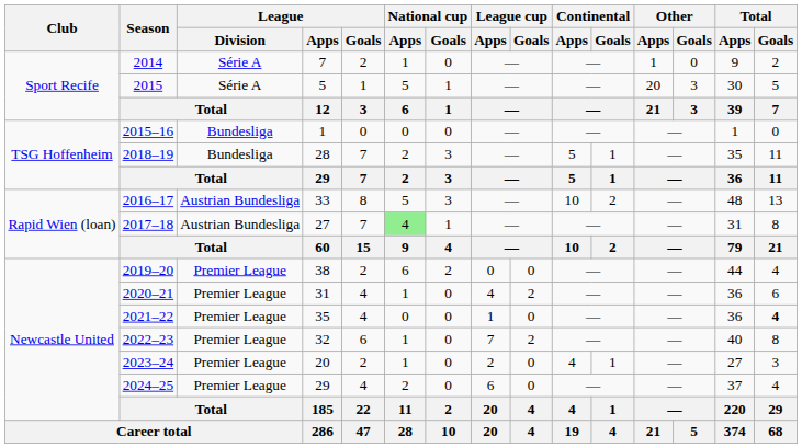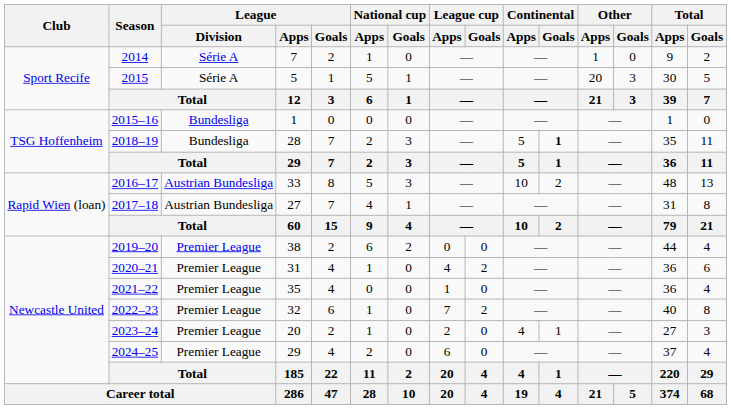 <table class="wikitable" style="text-align: center;">
 <tr>
 <th rowspan="2">Club</th>
 <th rowspan="2">Season</th>
 <th colspan="3">League</th>
 <th colspan="2">National cup</th>
 <th colspan="2">League cup</th>
 <th colspan="2">Continental</th>
 <th colspan="2">Other</th>
 <th colspan="2">Total</th>
 </tr>
 <tr>
 <th>Division</th>
 <th>Apps</th>
 <th>Goals</th>
 <th>Apps</th>
 <th>Goals</th>
 <th>Apps</th>
 <th>Goals</th>
 <th>Apps</th>
 <th>Goals</th>
 <th>Apps</th>
 <th>Goals</th>
 <th>Apps</th>
 <th>Goals</th>
 </tr>
 <tr>
 <td rowspan="3"><a href='#'>Sport Recife</a></td>
 <td><a href='#'>2014</a></td>
 <td><a href='#'>Série A</a></td>
 <td>7</td>
 <td>2</td>
 <td>1</td>
 <td>0</td>
 <td colspan="2">—</td>
 <td colspan="2">—</td>
 <td>1</td>
 <td>0</td>
 <td>9</td>
 <td>2</td>
 </tr>
 <tr>
 <td><a href='#'>2015</a></td>
 <td>Série A</td>
 <td>5</td>
 <td>1</td>
 <td>5</td>
 <td>1</td>
 <td colspan="2">—</td>
 <td colspan="2">—</td>
 <td>20</td>
 <td>3</td>
 <td>30</td>
 <td>5</td>
 </tr>
 <tr>
 <th colspan="2">Total</th>
 <th>12</th>
 <th>3</th>
 <th>6</th>
 <th>1</th>
 <th colspan="2">—</th>
 <th colspan="2">—</th>
 <th>21</th>
 <th>3</th>
 <th>39</th>
 <th>7</th>
 </tr>
 <tr>
 <td rowspan="3"><a href='#'>TSG Hoffenheim</a></td>
 <td><a href='#'>2015–16</a></td>
 <td><a href='#'>Bundesliga</a></td>
 <td>1</td>
 <td>0</td>
 <td>0</td>
 <td>0</td>
 <td colspan="2">—</td>
 <td colspan="2">—</td>
 <td colspan="2">—</td>
 <td>1</td>
 <td>0</td>
 </tr>
 <tr>
 <td><a href='#'>2018–19</a></td>
 <td>Bundesliga</td>
 <td>28</td>
 <td>7</td>
 <td>2</td>
 <td>3</td>
 <td colspan="2">—</td>
 <td>5</td>
-<td>1</td>
+<td><strong>1</strong></td>
 <td colspan="2">—</td>
 <td>35</td>
 <td>11</td>
 </tr>
 <tr>
 <th colspan="2">Total</th>
 <th>29</th>
 <th>7</th>
 <th>2</th>
 <th>3</th>
 <th colspan="2">—</th>
 <th>5</th>
 <th>1</th>
 <th colspan="2">—</th>
 <th>36</th>
 <th>11</th>
 </tr>
 <tr>
 <td rowspan="3"><a href='#'>Rapid Wien</a> (loan)</td>
 <td><a href='#'>2016–17</a></td>
 <td><a href='#'>Austrian Bundesliga</a></td>
 <td>33</td>
 <td>8</td>
 <td>5</td>
 <td>3</td>
 <td colspan="2">—</td>
 <td>10</td>
 <td>2</td>
 <td colspan="2">—</td>
 <td>48</td>
 <td>13</td>
 </tr>
 <tr>
 <td><a href='#'>2017–18</a></td>
 <td>Austrian Bundesliga</td>
 <td>27</td>
 <td>7</td>
-<td style="background: lightgreen;">4</td>
+<td>4</td>
 <td>1</td>
 <td colspan="2">—</td>
 <td colspan="2">—</td>
 <td colspan="2">—</td>
 <td>31</td>
 <td>8</td>
 </tr>
 <tr>
 <th colspan="2">Total</th>
 <th>60</th>
 <th>15</th>
 <th>9</th>
 <th>4</th>
 <th colspan="2">—</th>
 <th>10</th>
 <th>2</th>
 <th colspan="2">—</th>
 <th>79</th>
 <th>21</th>
 </tr>
 <tr>
 <td rowspan="7"><a href='#'>Newcastle United</a></td>
 <td><a href='#'>2019–20</a></td>
 <td><a href='#'>Premier League</a></td>
 <td>38</td>
 <td>2</td>
 <td>6</td>
 <td>2</td>
 <td>0</td>
 <td>0</td>
 <td colspan="2">—</td>
 <td colspan="2">—</td>
 <td>44</td>
 <td>4</td>
 </tr>
 <tr>
 <td><a href='#'>2020–21</a></td>
 <td>Premier League</td>
 <td>31</td>
 <td>4</td>
 <td>1</td>
 <td>0</td>
 <td>4</td>
 <td>2</td>
 <td colspan="2">—</td>
 <td colspan="2">—</td>
 <td>36</td>
 <td>6</td>
 </tr>
 <tr>
 <td><a href='#'>2021–22</a></td>
 <td>Premier League</td>
 <td>35</td>
 <td>4</td>
 <td>0</td>
 <td>0</td>
 <td>1</td>
 <td>0</td>
 <td colspan="2">—</td>
 <td colspan="2">—</td>
 <td>36</td>
-<td><strong>4</strong></td>
+<td>4</td>
 </tr>
 <tr>
 <td><a href='#'>2022–23</a></td>
 <td>Premier League</td>
 <td>32</td>
 <td>6</td>
 <td>1</td>
 <td>0</td>
 <td>7</td>
 <td>2</td>
 <td colspan="2">—</td>
 <td colspan="2">—</td>
 <td>40</td>
 <td>8</td>
 </tr>
 <tr>
 <td><a href='#'>2023–24</a></td>
 <td>Premier League</td>
 <td>20</td>
 <td>2</td>
 <td>1</td>
 <td>0</td>
 <td>2</td>
 <td>0</td>
 <td>4</td>
 <td>1</td>
 <td colspan="2">—</td>
 <td>27</td>
 <td>3</td>
 </tr>
 <tr>
 <td><a href='#'>2024–25</a></td>
 <td>Premier League</td>
 <td>29</td>
 <td>4</td>
 <td>2</td>
 <td>0</td>
 <td>6</td>
 <td>0</td>
 <td colspan="2">—</td>
 <td colspan="2">—</td>
 <td>37</td>
 <td>4</td>
 </tr>
 <tr>
 <th colspan="2">Total</th>
 <th>185</th>
 <th>22</th>
 <th>11</th>
 <th>2</th>
 <th>20</th>
 <th>4</th>
 <th>4</th>
 <th>1</th>
 <th colspan="2">—</th>
 <th>220</th>
 <th>29</th>
 </tr>
 <tr>
 <th colspan="3">Career total</th>
 <th>286</th>
 <th>47</th>
 <th>28</th>
 <th>10</th>
 <th>20</th>
 <th>4</th>
 <th>19</th>
 <th>4</th>
 <th>21</th>
 <th>5</th>
 <th>374</th>
 <th>68</th>
 </tr>
 </table>
